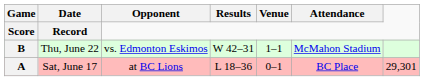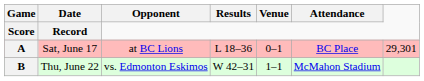 <table class="wikitable" style="text-align:center">
 <tr>
 <th>Game</th>
 <th>Date</th>
 <th>Opponent</th>
 <th>Results</th>
 <th>Venue</th>
 <th>Attendance</th>
 </tr>
 <tr>
 <th>Score</th>
 <th>Record</th>
 </tr>
+<tr style="background:#ffbbbb">
+<th>A</th>
+<td>Sat, June 17</td>
+<td>at <a href='#'>BC Lions</a></td>
+<td>L 18–36</td>
+<td>0–1</td>
+<td><a href='#'>BC Place</a></td>
+<td>29,301</td>
+</tr>
 <tr style="background:#ddffdd">
 <th>B</th>
 <td>Thu, June 22</td>
 <td>vs. <a href='#'>Edmonton Eskimos</a></td>
 <td>W 42–31</td>
 <td>1–1</td>
 <td><a href='#'>McMahon Stadium</a></td>
 <td></td>
 </tr>
-<tr style="background:#ffbbbb">
-<th>A</th>
-<td>Sat, June 17</td>
-<td>at <a href='#'>BC Lions</a></td>
-<td>L 18–36</td>
-<td>0–1</td>
-<td><a href='#'>BC Place</a></td>
-<td>29,301</td>
-</tr>
 </table>
